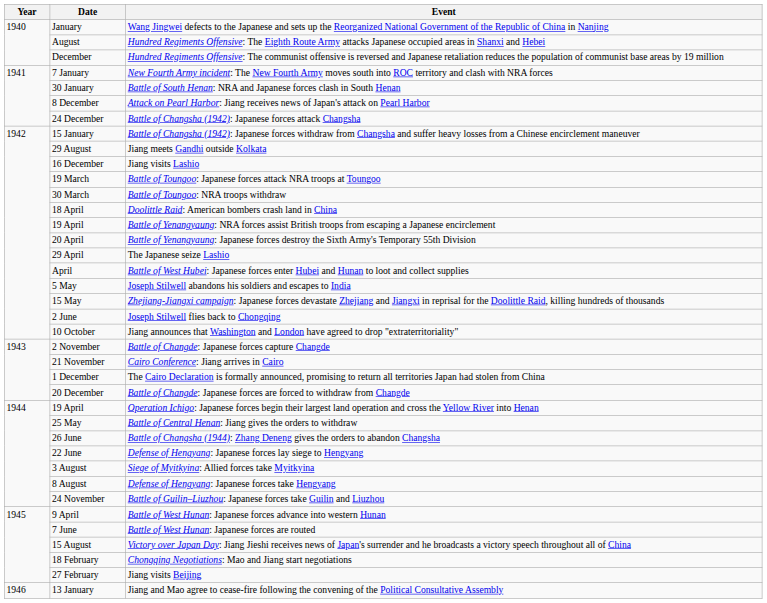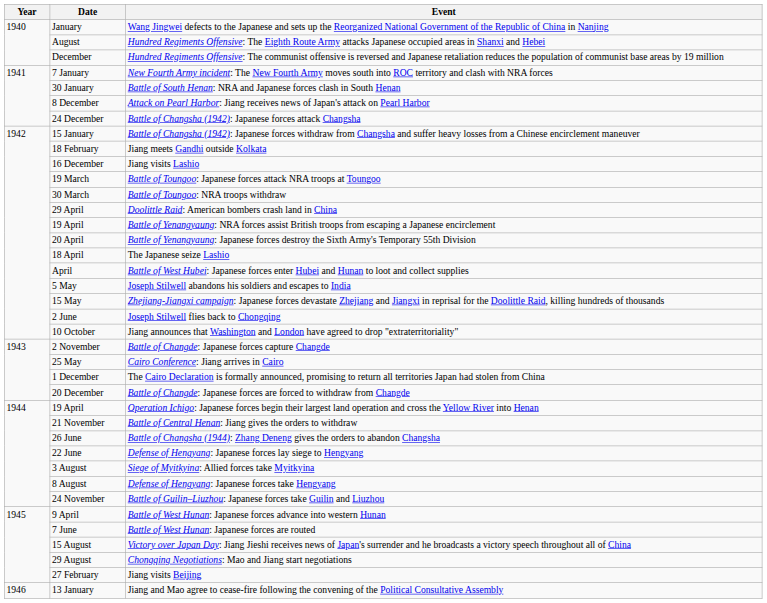 <table class="wikitable" width="100%">
 <tr>
 <th style="width:6%">Year</th>
 <th style="width:10%">Date</th>
 <th>Event</th>
 </tr>
 <tr>
 <td rowspan="3" valign="top">1940</td>
 <td>January</td>
 <td><a href='#'>Wang Jingwei</a> defects to the Japanese and sets up the <a href='#'>Reorganized National Government of the Republic of China</a> in <a href='#'>Nanjing</a></td>
 </tr>
 <tr>
 <td>August</td>
 <td><em><a href='#'>Hundred Regiments Offensive</a></em>: The <a href='#'>Eighth Route Army</a> attacks Japanese occupied areas in <a href='#'>Shanxi</a> and <a href='#'>Hebei</a></td>
 </tr>
 <tr>
 <td>December</td>
 <td><em><a href='#'>Hundred Regiments Offensive</a></em>: The communist offensive is reversed and Japanese retaliation reduces the population of communist base areas by 19 million</td>
 </tr>
 <tr>
 <td rowspan="4" valign="top">1941</td>
 <td>7 January</td>
 <td><em><a href='#'>New Fourth Army incident</a></em>: The <a href='#'>New Fourth Army</a> moves south into <a href='#'>ROC</a> territory and clash with NRA forces</td>
 </tr>
 <tr>
 <td>30 January</td>
 <td><em><a href='#'>Battle of South Henan</a></em>: NRA and Japanese forces clash in South <a href='#'>Henan</a></td>
 </tr>
 <tr>
 <td>8 December</td>
 <td><em><a href='#'>Attack on Pearl Harbor</a></em>: Jiang receives news of Japan's attack on <a href='#'>Pearl Harbor</a></td>
 </tr>
 <tr>
 <td>24 December</td>
 <td><em><a href='#'>Battle of Changsha (1942)</a></em>: Japanese forces attack <a href='#'>Changsha</a></td>
 </tr>
 <tr>
 <td rowspan="14" valign="top">1942</td>
 <td>15 January</td>
 <td><em><a href='#'>Battle of Changsha (1942)</a></em>: Japanese forces withdraw from <a href='#'>Changsha</a> and suffer heavy losses from a Chinese encirclement maneuver</td>
 </tr>
 <tr>
-<td>29 August</td>
+<td>18 February</td>
 <td>Jiang meets <a href='#'>Gandhi</a> outside <a href='#'>Kolkata</a></td>
 </tr>
 <tr>
 <td>16 December</td>
 <td>Jiang visits <a href='#'>Lashio</a></td>
 </tr>
 <tr>
 <td>19 March</td>
 <td><em><a href='#'>Battle of Toungoo</a></em>: Japanese forces attack NRA troops at <a href='#'>Toungoo</a></td>
 </tr>
 <tr>
 <td>30 March</td>
 <td><em><a href='#'>Battle of Toungoo</a></em>: NRA troops withdraw</td>
 </tr>
 <tr>
-<td>18 April</td>
+<td>29 April</td>
 <td><em><a href='#'>Doolittle Raid</a></em>: American bombers crash land in <a href='#'>China</a></td>
 </tr>
 <tr>
 <td>19 April</td>
 <td><em><a href='#'>Battle of Yenangyaung</a></em>: NRA forces assist British troops from escaping a Japanese encirclement</td>
 </tr>
 <tr>
 <td>20 April</td>
 <td><em><a href='#'>Battle of Yenangyaung</a></em>: Japanese forces destroy the Sixth Army's Temporary 55th Division</td>
 </tr>
 <tr>
-<td>29 April</td>
+<td>18 April</td>
 <td>The Japanese seize <a href='#'>Lashio</a></td>
 </tr>
 <tr>
 <td>April</td>
 <td><em><a href='#'>Battle of West Hubei</a></em>: Japanese forces enter <a href='#'>Hubei</a> and <a href='#'>Hunan</a> to loot and collect supplies</td>
 </tr>
 <tr>
 <td>5 May</td>
 <td><a href='#'>Joseph Stilwell</a> abandons his soldiers and escapes to <a href='#'>India</a></td>
 </tr>
 <tr>
 <td>15 May</td>
 <td><em><a href='#'>Zhejiang-Jiangxi campaign</a></em>: Japanese forces devastate <a href='#'>Zhejiang</a> and <a href='#'>Jiangxi</a> in reprisal for the <a href='#'>Doolittle Raid</a>, killing hundreds of thousands</td>
 </tr>
 <tr>
 <td>2 June</td>
 <td><a href='#'>Joseph Stilwell</a> flies back to <a href='#'>Chongqing</a></td>
 </tr>
 <tr>
 <td>10 October</td>
 <td>Jiang announces that <a href='#'>Washington</a> and <a href='#'>London</a> have agreed to drop "extraterritoriality"</td>
 </tr>
 <tr>
 <td rowspan="4" valign="top">1943</td>
 <td>2 November</td>
 <td><em><a href='#'>Battle of Changde</a></em>: Japanese forces capture <a href='#'>Changde</a></td>
 </tr>
 <tr>
-<td>21 November</td>
+<td>25 May</td>
 <td><em><a href='#'>Cairo Conference</a></em>: Jiang arrives in <a href='#'>Cairo</a></td>
 </tr>
 <tr>
 <td>1 December</td>
 <td>The <a href='#'>Cairo Declaration</a> is formally announced, promising to return all territories Japan had stolen from China</td>
 </tr>
 <tr>
 <td>20 December</td>
 <td><em><a href='#'>Battle of Changde</a></em>: Japanese forces are forced to withdraw from <a href='#'>Changde</a></td>
 </tr>
 <tr>
 <td rowspan="7" valign="top">1944</td>
 <td>19 April</td>
 <td><em><a href='#'>Operation Ichigo</a></em>: Japanese forces begin their largest land operation and cross the <a href='#'>Yellow River</a> into <a href='#'>Henan</a></td>
 </tr>
 <tr>
-<td>25 May</td>
+<td>21 November</td>
 <td><em><a href='#'>Battle of Central Henan</a></em>: Jiang gives the orders to withdraw</td>
 </tr>
 <tr>
 <td>26 June</td>
 <td><em><a href='#'>Battle of Changsha (1944)</a></em>: <a href='#'>Zhang Deneng</a> gives the orders to abandon <a href='#'>Changsha</a></td>
 </tr>
 <tr>
 <td>22 June</td>
 <td><em><a href='#'>Defense of Hengyang</a></em>: Japanese forces lay siege to <a href='#'>Hengyang</a></td>
 </tr>
 <tr>
 <td>3 August</td>
 <td><em><a href='#'>Siege of Myitkyina</a></em>: Allied forces take <a href='#'>Myitkyina</a></td>
 </tr>
 <tr>
 <td>8 August</td>
 <td><em><a href='#'>Defense of Hengyang</a></em>: Japanese forces take <a href='#'>Hengyang</a></td>
 </tr>
 <tr>
 <td>24 November</td>
 <td><em><a href='#'>Battle of Guilin–Liuzhou</a></em>: Japanese forces take <a href='#'>Guilin</a> and <a href='#'>Liuzhou</a></td>
 </tr>
 <tr>
 <td rowspan="5" valign="top">1945</td>
 <td>9 April</td>
 <td><em><a href='#'>Battle of West Hunan</a></em>: Japanese forces advance into western <a href='#'>Hunan</a></td>
 </tr>
 <tr>
 <td>7 June</td>
 <td><em><a href='#'>Battle of West Hunan</a></em>: Japanese forces are routed</td>
 </tr>
 <tr>
 <td>15 August</td>
 <td><em><a href='#'>Victory over Japan Day</a></em>: Jiang Jieshi receives news of <a href='#'>Japan</a>'s surrender and he broadcasts a victory speech throughout all of <a href='#'>China</a></td>
 </tr>
 <tr>
-<td>18 February</td>
+<td>29 August</td>
 <td><em><a href='#'>Chongqing Negotiations</a></em>: Mao and Jiang start negotiations</td>
 </tr>
 <tr>
 <td>27 February</td>
 <td>Jiang visits <a href='#'>Beijing</a></td>
 </tr>
 <tr>
 <td>1946</td>
 <td>13 January</td>
 <td>Jiang and Mao agree to cease-fire following the convening of the <a href='#'>Political Consultative Assembly</a></td>
 </tr>
 </table>
